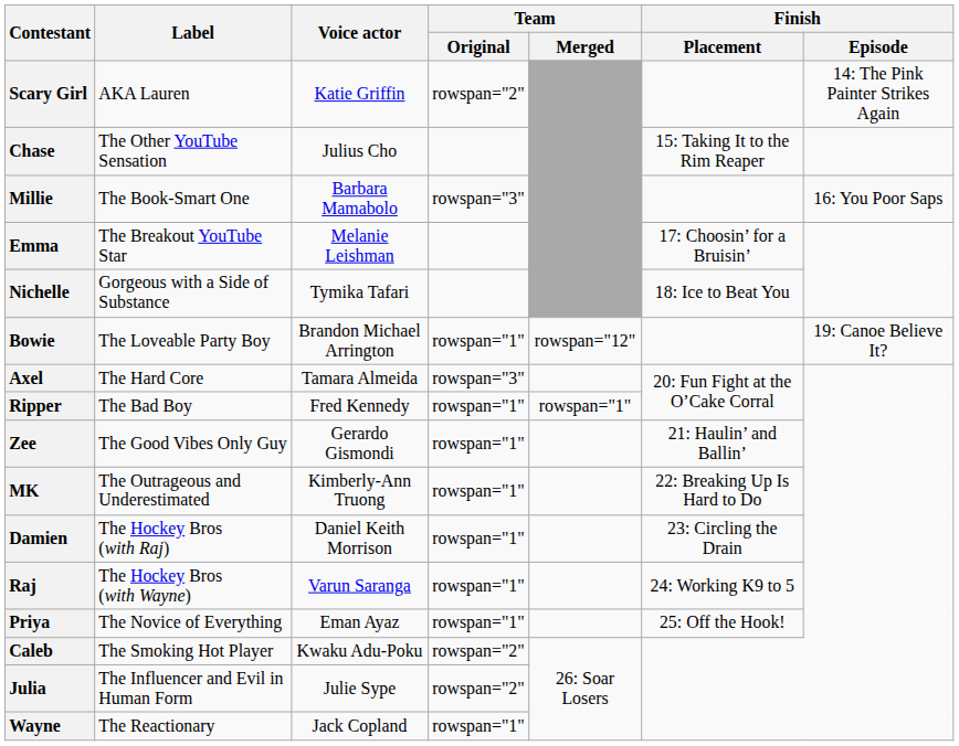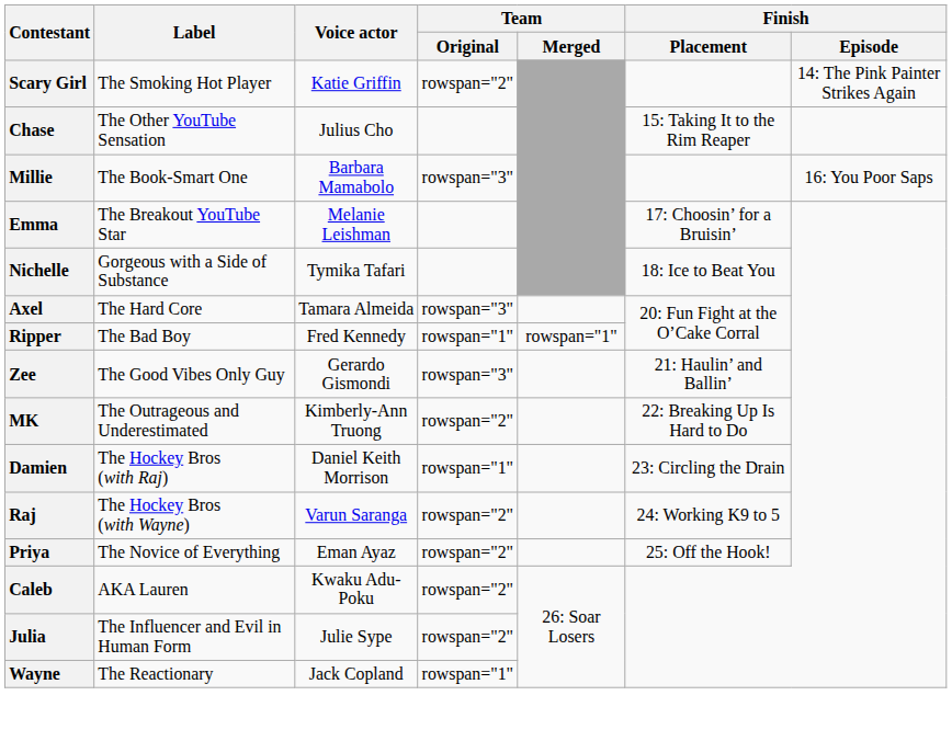 <table class="wikitable sortable" style="text-align:center;">
 <tr>
 <th rowspan="2" scope="col">Contestant</th>
 <th rowspan="2" scope="col" class="unsortable">Label</th>
 <th rowspan="2" scope="col" class="unsortable">Voice actor</th>
 <th colspan="2" scope="colgroup">Team</th>
 <th colspan="2" scope="colgroup">Finish</th>
 </tr>
 <tr>
 <th scope="col">Original</th>
 <th scope="col" class="unsortable">Merged</th>
 <th scope="col" class="unsortable">Placement</th>
 <th scope="col" class="unsortable">Episode</th>
 </tr>
 <tr>
 <th scope="row" style="text-align:left;">Scary Girl</th>
-<td scope="row" style="text-align:left;">AKA Lauren</td>
+<td scope="row" style="text-align:left;">The Smoking Hot Player</td>
 <td><a href='#'>Katie Griffin</a></td>
 <td>rowspan="2" </td>
 <td rowspan="5" style="background:darkgray;"></td>
 <td></td>
 <td>14: The Pink Painter Strikes Again</td>
 </tr>
 <tr>
 <th scope="row" style="text-align:left;">Chase</th>
 <td scope="row" style="text-align:left;">The Other <a href='#'>YouTube</a> Sensation</td>
 <td>Julius Cho</td>
 <td></td>
 <td>15: Taking It to the Rim Reaper</td>
 </tr>
 <tr>
 <th scope="row" style="text-align:left;">Millie</th>
 <td scope="row" style="text-align:left;">The Book-Smart One</td>
 <td><a href='#'>Barbara Mamabolo</a></td>
 <td>rowspan="3" </td>
 <td></td>
 <td>16: You Poor Saps</td>
 </tr>
 <tr>
 <th scope="row" style="text-align:left;">Emma</th>
 <td scope="row" style="text-align:left;">The Breakout <a href='#'>YouTube</a> Star</td>
 <td><a href='#'>Melanie Leishman</a></td>
 <td></td>
 <td>17: Choosin’ for a Bruisin’</td>
 </tr>
 <tr>
 <th scope="row" style="text-align:left;">Nichelle</th>
 <td scope="row" style="text-align:left;">Gorgeous with a Side of Substance</td>
 <td>Tymika Tafari</td>
 <td></td>
 <td>18: Ice to Beat You</td>
 </tr>
 <tr>
-<th scope="row" style="text-align:left;">Bowie</th>
-<td scope="row" style="text-align:left;">The Loveable Party Boy</td>
-<td>Brandon Michael Arrington</td>
-<td>rowspan="1" </td>
-<td>rowspan="12"  </td>
-<td></td>
-<td>19: Canoe Believe It?</td>
-</tr>
-<tr>
 <th scope="row" style="text-align:left;">Axel</th>
 <td scope="row" style="text-align:left;">The Hard Core</td>
 <td>Tamara Almeida</td>
 <td>rowspan="3" </td>
 <td></td>
 <td rowspan="2">20: Fun Fight at the O’Cake Corral</td>
 </tr>
 <tr>
 <th scope="row" style="text-align:left;">Ripper</th>
 <td scope="row" style="text-align:left;">The Bad Boy</td>
 <td>Fred Kennedy</td>
 <td>rowspan="1" </td>
 <td>rowspan="1" </td>
 </tr>
 <tr>
 <th scope="row" style="text-align:left;">Zee</th>
 <td scope="row" style="text-align:left;">The Good Vibes Only Guy</td>
 <td>Gerardo Gismondi</td>
-<td>rowspan="1" </td>
+<td>rowspan="3" </td>
 <td></td>
 <td>21: Haulin’ and Ballin’</td>
 </tr>
 <tr>
 <th scope="row" style="text-align:left;">MK</th>
 <td scope="row" style="text-align:left;">The Outrageous and Underestimated</td>
 <td>Kimberly-Ann Truong</td>
-<td>rowspan="1" </td>
+<td>rowspan="2"</td>
 <td></td>
 <td>22: Breaking Up Is Hard to Do</td>
 </tr>
 <tr>
 <th scope="row" style="text-align:left;">Damien</th>
 <td scope="row" style="text-align:left;">The <a href='#'>Hockey</a> Bros<br>(<em>with Raj</em>)</td>
 <td>Daniel Keith Morrison</td>
 <td>rowspan="1" </td>
 <td></td>
 <td>23: Circling the Drain</td>
 </tr>
 <tr>
 <th scope="row" style="text-align:left;">Raj</th>
 <td scope="row" style="text-align:left;">The <a href='#'>Hockey</a> Bros<br>(<em>with Wayne</em>)</td>
 <td><a href='#'>Varun Saranga</a></td>
-<td>rowspan="1" </td>
+<td>rowspan="2" </td>
 <td></td>
 <td>24: Working K9 to 5</td>
 </tr>
 <tr>
 <th scope="row" style="text-align:left;">Priya</th>
 <td scope="row" style="text-align:left;">The Novice of Everything</td>
 <td>Eman Ayaz</td>
-<td>rowspan="1" </td>
+<td>rowspan="2" </td>
 <td></td>
 <td>25: Off the Hook!</td>
 </tr>
 <tr>
 <th scope="row" style="text-align:left;">Caleb</th>
-<td scope="row" style="text-align:left;">The Smoking Hot Player</td>
+<td scope="row" style="text-align:left;">AKA Lauren</td>
 <td>Kwaku Adu-Poku</td>
 <td>rowspan="2"</td>
 <td rowspan="3">26: Soar Losers</td>
 </tr>
 <tr>
 <th scope="row" style="text-align:left;">Julia</th>
 <td scope="row" style="text-align:left;">The Influencer and Evil in Human Form</td>
 <td>Julie Sype</td>
 <td>rowspan="2" </td>
 </tr>
 <tr>
 <th scope="row" style="text-align:left;">Wayne</th>
 <td scope="row" style="text-align:left;">The Reactionary</td>
 <td>Jack Copland</td>
 <td>rowspan="1" </td>
 </tr>
 </table>
